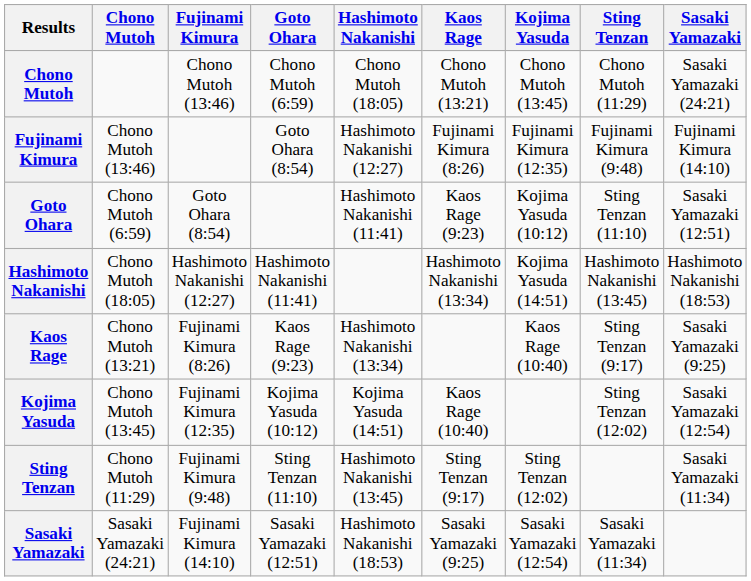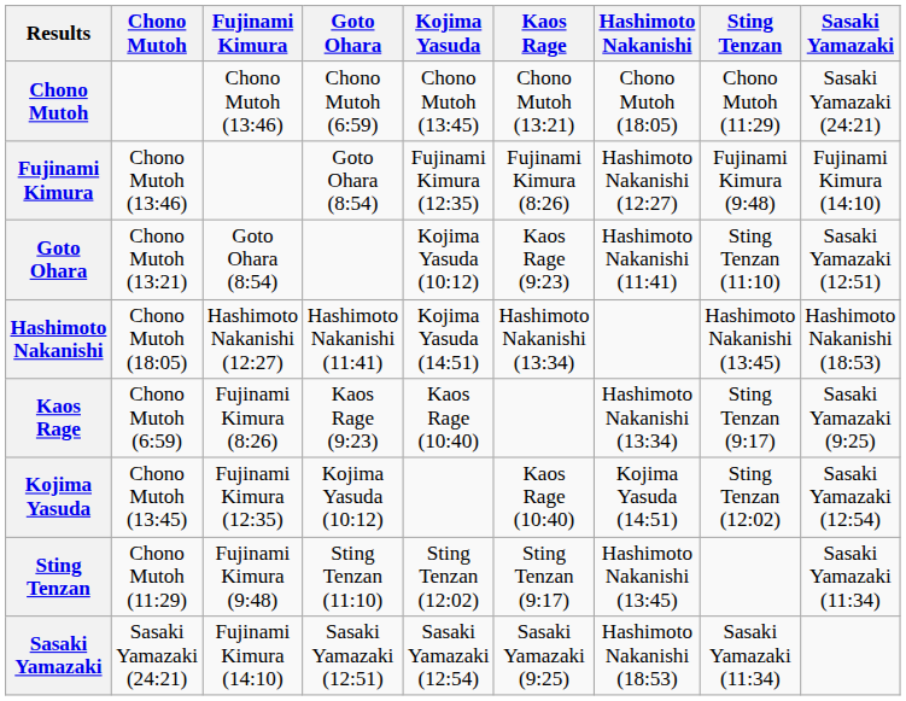 <table class="wikitable" style="text-align:center; margin: 1em auto 1em auto">
 <tr align="center">
 <th>Results</th>
 <th><a href='#'>Chono</a><br><a href='#'>Mutoh</a></th>
 <th><a href='#'>Fujinami</a><br><a href='#'>Kimura</a></th>
 <th><a href='#'>Goto</a><br><a href='#'>Ohara</a></th>
+<th><a href='#'>Kojima</a><br><a href='#'>Yasuda</a></th>
+<th><a href='#'>Kaos</a><br><a href='#'>Rage</a></th>
 <th><a href='#'>Hashimoto</a><br><a href='#'>Nakanishi</a></th>
-<th><a href='#'>Kaos</a><br><a href='#'>Rage</a></th>
-<th><a href='#'>Kojima</a><br><a href='#'>Yasuda</a></th>
 <th><a href='#'>Sting</a><br><a href='#'>Tenzan</a></th>
 <th><a href='#'>Sasaki</a><br><a href='#'>Yamazaki</a></th>
 </tr>
 <tr align="center">
 <th><a href='#'>Chono</a><br><a href='#'>Mutoh</a></th>
 <td></td>
 <td>Chono<br>Mutoh<br>(13:46)</td>
 <td>Chono<br>Mutoh<br>(6:59)</td>
+<td>Chono<br>Mutoh<br>(13:45)</td>
+<td>Chono<br>Mutoh<br>(13:21)</td>
 <td>Chono<br>Mutoh<br>(18:05)</td>
-<td>Chono<br>Mutoh<br>(13:21)</td>
-<td>Chono<br>Mutoh<br>(13:45)</td>
 <td>Chono<br>Mutoh<br>(11:29)</td>
 <td>Sasaki<br>Yamazaki<br>(24:21)</td>
 </tr>
 <tr align="center">
 <th><a href='#'>Fujinami</a><br><a href='#'>Kimura</a></th>
 <td>Chono<br>Mutoh<br>(13:46)</td>
 <td></td>
 <td>Goto<br>Ohara<br>(8:54)</td>
+<td>Fujinami<br>Kimura<br>(12:35)</td>
+<td>Fujinami<br>Kimura<br>(8:26)</td>
 <td>Hashimoto<br>Nakanishi<br>(12:27)</td>
-<td>Fujinami<br>Kimura<br>(8:26)</td>
-<td>Fujinami<br>Kimura<br>(12:35)</td>
 <td>Fujinami<br>Kimura<br>(9:48)</td>
 <td>Fujinami<br>Kimura<br>(14:10)</td>
 </tr>
 <tr align="center">
 <th><a href='#'>Goto</a><br><a href='#'>Ohara</a></th>
-<td>Chono<br>Mutoh<br>(6:59)</td>
+<td>Chono<br>Mutoh<br>(13:21)</td>
 <td>Goto<br>Ohara<br>(8:54)</td>
 <td></td>
+<td>Kojima<br>Yasuda<br>(10:12)</td>
+<td>Kaos<br>Rage<br>(9:23)</td>
 <td>Hashimoto<br>Nakanishi<br>(11:41)</td>
-<td>Kaos<br>Rage<br>(9:23)</td>
-<td>Kojima<br>Yasuda<br>(10:12)</td>
 <td>Sting<br>Tenzan<br>(11:10)</td>
 <td>Sasaki<br>Yamazaki<br>(12:51)</td>
 </tr>
 <tr align="center">
 <th><a href='#'>Hashimoto</a><br><a href='#'>Nakanishi</a></th>
 <td>Chono<br>Mutoh<br>(18:05)</td>
 <td>Hashimoto<br>Nakanishi<br>(12:27)</td>
 <td>Hashimoto<br>Nakanishi<br>(11:41)</td>
+<td>Kojima<br>Yasuda<br>(14:51)</td>
+<td>Hashimoto<br>Nakanishi<br>(13:34)</td>
 <td></td>
-<td>Hashimoto<br>Nakanishi<br>(13:34)</td>
-<td>Kojima<br>Yasuda<br>(14:51)</td>
 <td>Hashimoto<br>Nakanishi<br>(13:45)</td>
 <td>Hashimoto<br>Nakanishi<br>(18:53)</td>
 </tr>
 <tr align="center">
 <th><a href='#'>Kaos</a><br><a href='#'>Rage</a></th>
-<td>Chono<br>Mutoh<br>(13:21)</td>
+<td>Chono<br>Mutoh<br>(6:59)</td>
 <td>Fujinami<br>Kimura<br>(8:26)</td>
 <td>Kaos<br>Rage<br>(9:23)</td>
+<td>Kaos<br>Rage<br>(10:40)</td>
+<td></td>
 <td>Hashimoto <br>Nakanishi<br>(13:34)</td>
-<td></td>
-<td>Kaos<br>Rage<br>(10:40)</td>
 <td>Sting<br>Tenzan<br>(9:17)</td>
 <td>Sasaki<br>Yamazaki<br>(9:25)</td>
 </tr>
 <tr align="center">
 <th><a href='#'>Kojima</a><br><a href='#'>Yasuda</a></th>
 <td>Chono<br>Mutoh<br>(13:45)</td>
 <td>Fujinami<br>Kimura<br>(12:35)</td>
 <td>Kojima<br>Yasuda<br>(10:12)</td>
+<td></td>
+<td>Kaos<br>Rage<br>(10:40)</td>
 <td>Kojima <br>Yasuda<br>(14:51)</td>
-<td>Kaos<br>Rage<br>(10:40)</td>
-<td></td>
 <td>Sting<br>Tenzan<br>(12:02)</td>
 <td>Sasaki<br>Yamazaki<br>(12:54)</td>
 </tr>
 <tr align="center">
 <th><a href='#'>Sting</a><br><a href='#'>Tenzan</a></th>
 <td>Chono<br>Mutoh<br>(11:29)</td>
 <td>Fujinami<br>Kimura<br>(9:48)</td>
 <td>Sting<br>Tenzan<br>(11:10)</td>
+<td>Sting<br>Tenzan<br>(12:02)</td>
+<td>Sting<br>Tenzan<br>(9:17)</td>
 <td>Hashimoto<br>Nakanishi<br>(13:45)</td>
-<td>Sting<br>Tenzan<br>(9:17)</td>
-<td>Sting<br>Tenzan<br>(12:02)</td>
 <td></td>
 <td>Sasaki<br>Yamazaki<br>(11:34)</td>
 </tr>
 <tr align="center">
 <th><a href='#'>Sasaki</a><br><a href='#'>Yamazaki</a></th>
 <td>Sasaki<br>Yamazaki<br>(24:21)</td>
 <td>Fujinami<br>Kimura<br>(14:10)</td>
 <td>Sasaki<br>Yamazaki<br>(12:51)</td>
+<td>Sasaki<br>Yamazaki<br>(12:54)</td>
+<td>Sasaki<br>Yamazaki<br>(9:25)</td>
 <td>Hashimoto<br>Nakanishi<br>(18:53)</td>
-<td>Sasaki<br>Yamazaki<br>(9:25)</td>
-<td>Sasaki<br>Yamazaki<br>(12:54)</td>
 <td>Sasaki<br>Yamazaki<br>(11:34)</td>
 <td></td>
 </tr>
 </table>
